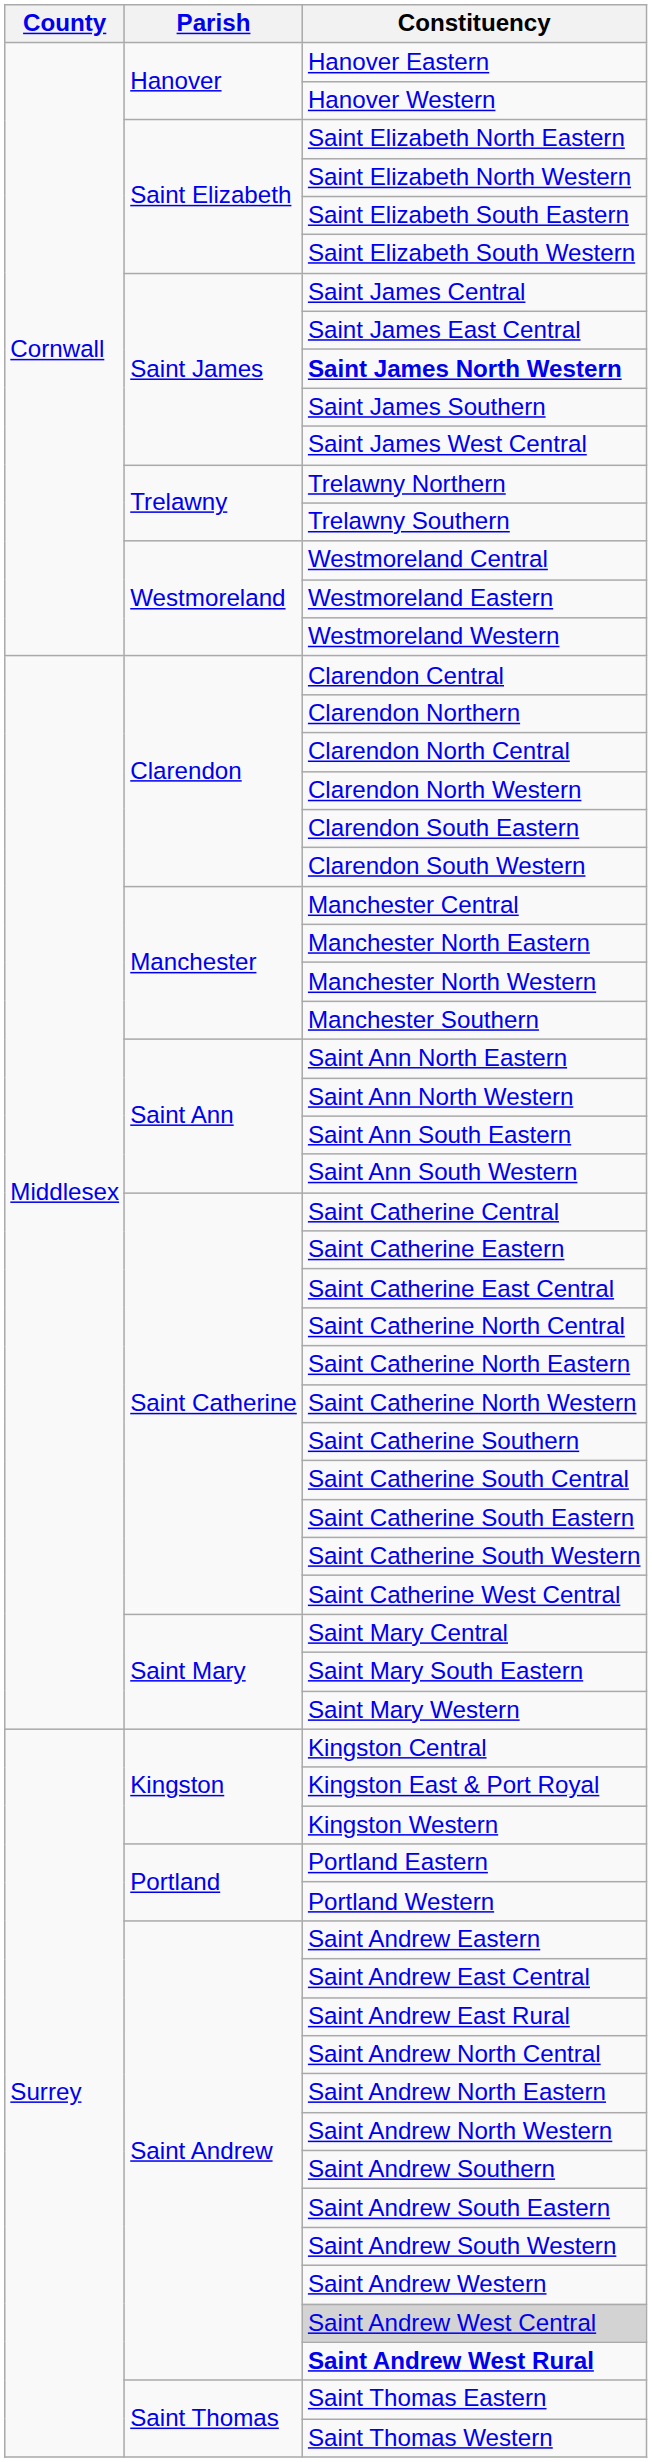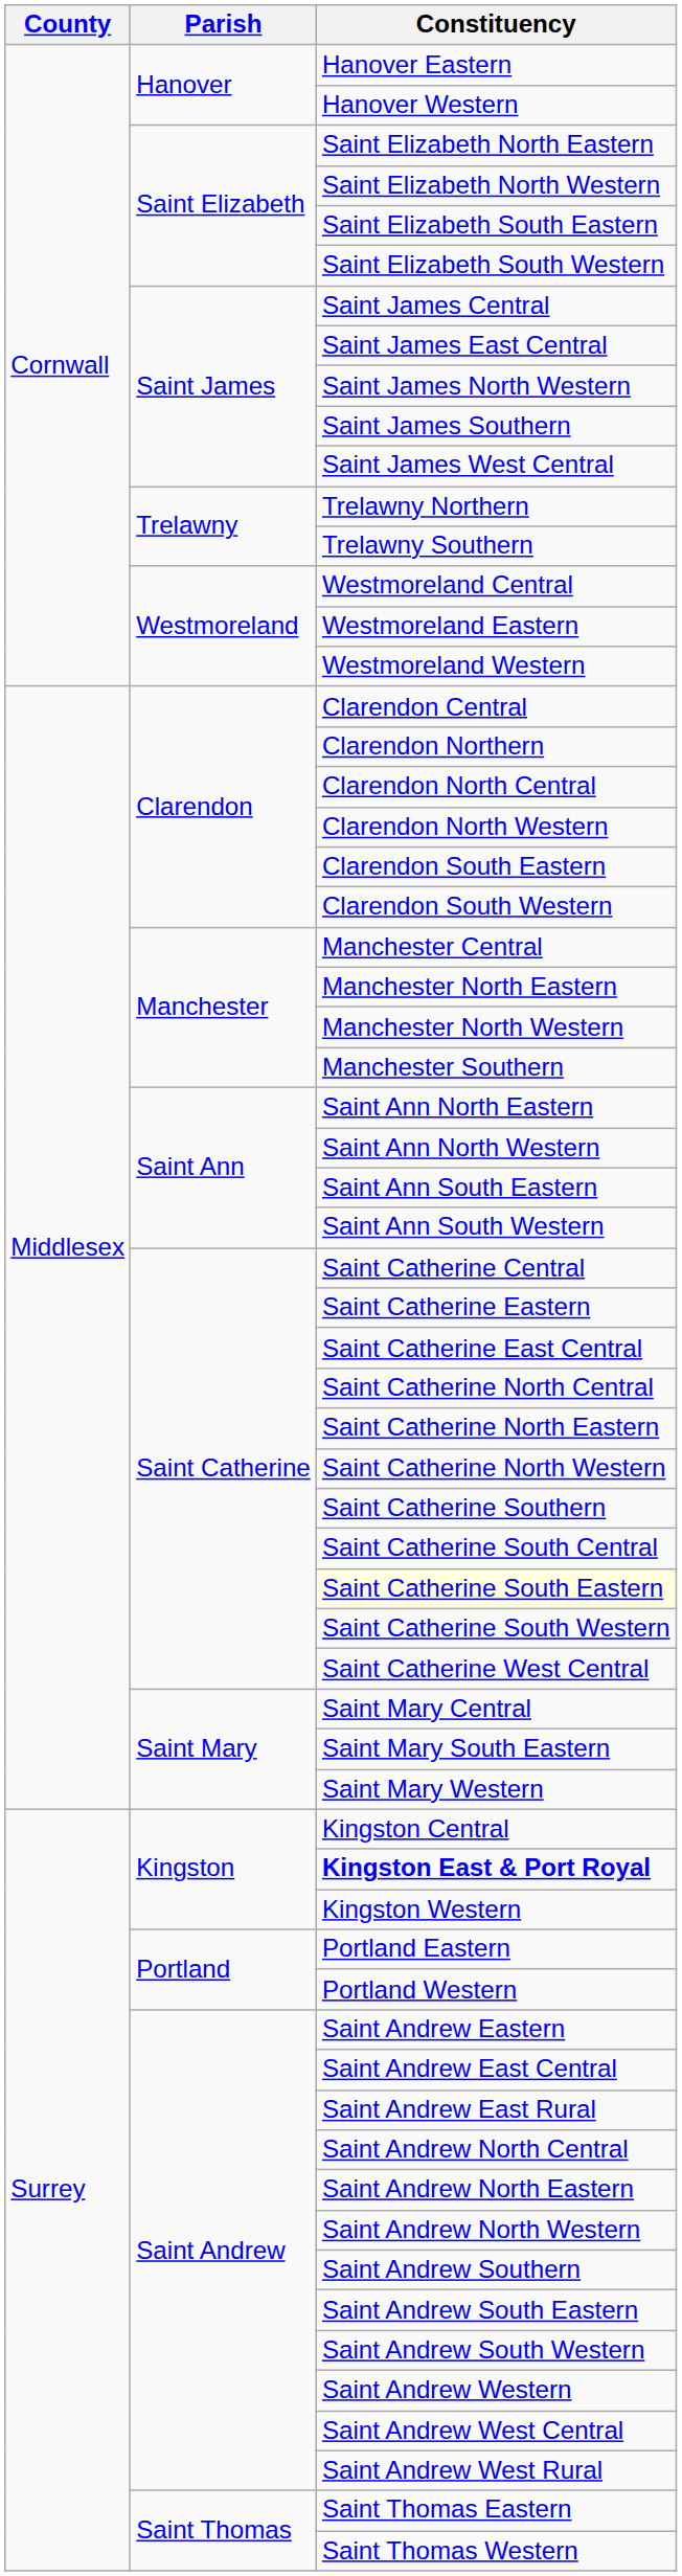 <table class="wikitable sortable">
 <tr>
 <th><a href='#'>County</a></th>
 <th><a href='#'>Parish</a></th>
 <th>Constituency</th>
 </tr>
 <tr>
 <td rowspan=16><a href='#'>Cornwall</a></td>
 <td rowspan="2"><a href='#'>Hanover</a></td>
 <td><a href='#'>Hanover Eastern</a></td>
 </tr>
 <tr>
 <td><a href='#'>Hanover Western</a></td>
 </tr>
 <tr>
 <td rowspan="4"><a href='#'>Saint Elizabeth</a></td>
 <td><a href='#'>Saint Elizabeth North Eastern</a></td>
 </tr>
 <tr>
 <td><a href='#'>Saint Elizabeth North Western</a></td>
 </tr>
 <tr>
 <td><a href='#'>Saint Elizabeth South Eastern</a></td>
 </tr>
 <tr>
 <td><a href='#'>Saint Elizabeth South Western</a></td>
 </tr>
 <tr>
 <td rowspan="5"><a href='#'>Saint James</a></td>
 <td><a href='#'>Saint James Central</a></td>
 </tr>
 <tr>
 <td><a href='#'>Saint James East Central</a></td>
 </tr>
 <tr>
-<td><strong><a href='#'>Saint James North Western</a></strong></td>
+<td><a href='#'>Saint James North Western</a></td>
 </tr>
 <tr>
 <td><a href='#'>Saint James Southern</a></td>
 </tr>
 <tr>
 <td><a href='#'>Saint James West Central</a></td>
 </tr>
 <tr>
 <td rowspan="2"><a href='#'>Trelawny</a></td>
 <td><a href='#'>Trelawny Northern</a></td>
 </tr>
 <tr>
 <td><a href='#'>Trelawny Southern</a></td>
 </tr>
 <tr>
 <td rowspan="3"><a href='#'>Westmoreland</a></td>
 <td><a href='#'>Westmoreland Central</a></td>
 </tr>
 <tr>
 <td><a href='#'>Westmoreland Eastern</a></td>
 </tr>
 <tr>
 <td><a href='#'>Westmoreland Western</a></td>
 </tr>
 <tr>
 <td rowspan=28><a href='#'>Middlesex</a></td>
 <td rowspan="6"><a href='#'>Clarendon</a></td>
 <td><a href='#'>Clarendon Central</a></td>
 </tr>
 <tr>
 <td><a href='#'>Clarendon Northern</a></td>
 </tr>
 <tr>
 <td><a href='#'>Clarendon North Central</a></td>
 </tr>
 <tr>
 <td><a href='#'>Clarendon North Western</a></td>
 </tr>
 <tr>
 <td><a href='#'>Clarendon South Eastern</a></td>
 </tr>
 <tr>
 <td><a href='#'>Clarendon South Western</a></td>
 </tr>
 <tr>
 <td rowspan="4"><a href='#'>Manchester</a></td>
 <td><a href='#'>Manchester Central</a></td>
 </tr>
 <tr>
 <td><a href='#'>Manchester North Eastern</a></td>
 </tr>
 <tr>
 <td><a href='#'>Manchester North Western</a></td>
 </tr>
 <tr>
 <td><a href='#'>Manchester Southern</a></td>
 </tr>
 <tr>
 <td rowspan="4"><a href='#'>Saint Ann</a></td>
 <td><a href='#'>Saint Ann North Eastern</a></td>
 </tr>
 <tr>
 <td><a href='#'>Saint Ann North Western</a></td>
 </tr>
 <tr>
 <td><a href='#'>Saint Ann South Eastern</a></td>
 </tr>
 <tr>
 <td><a href='#'>Saint Ann South Western</a></td>
 </tr>
 <tr>
 <td rowspan="11"><a href='#'>Saint Catherine</a></td>
 <td><a href='#'>Saint Catherine Central</a></td>
 </tr>
 <tr>
 <td><a href='#'>Saint Catherine Eastern</a></td>
 </tr>
 <tr>
 <td><a href='#'>Saint Catherine East Central</a></td>
 </tr>
 <tr>
 <td><a href='#'>Saint Catherine North Central</a></td>
 </tr>
 <tr>
 <td><a href='#'>Saint Catherine North Eastern</a></td>
 </tr>
 <tr>
 <td><a href='#'>Saint Catherine North Western</a></td>
 </tr>
 <tr>
 <td><a href='#'>Saint Catherine Southern</a></td>
 </tr>
 <tr>
 <td><a href='#'>Saint Catherine South Central</a></td>
 </tr>
 <tr>
-<td><a href='#'>Saint Catherine South Eastern</a></td>
+<td style="background: lightyellow;"><a href='#'>Saint Catherine South Eastern</a></td>
 </tr>
 <tr>
 <td><a href='#'>Saint Catherine South Western</a></td>
 </tr>
 <tr>
 <td><a href='#'>Saint Catherine West Central</a></td>
 </tr>
 <tr>
 <td rowspan="3"><a href='#'>Saint Mary</a></td>
 <td><a href='#'>Saint Mary Central</a></td>
 </tr>
 <tr>
 <td><a href='#'>Saint Mary South Eastern</a></td>
 </tr>
 <tr>
 <td><a href='#'>Saint Mary Western</a></td>
 </tr>
 <tr>
 <td rowspan=19><a href='#'>Surrey</a></td>
 <td rowspan="3"><a href='#'>Kingston</a></td>
 <td><a href='#'>Kingston Central</a></td>
 </tr>
 <tr>
-<td><a href='#'>Kingston East & Port Royal</a></td>
+<td><strong><a href='#'>Kingston East & Port Royal</a></strong></td>
 </tr>
 <tr>
 <td><a href='#'>Kingston Western</a></td>
 </tr>
 <tr>
 <td rowspan="2"><a href='#'>Portland</a></td>
 <td><a href='#'>Portland Eastern</a></td>
 </tr>
 <tr>
 <td><a href='#'>Portland Western</a></td>
 </tr>
 <tr>
 <td rowspan="12"><a href='#'>Saint Andrew</a></td>
 <td><a href='#'>Saint Andrew Eastern</a></td>
 </tr>
 <tr>
 <td><a href='#'>Saint Andrew East Central</a></td>
 </tr>
 <tr>
 <td><a href='#'>Saint Andrew East Rural</a></td>
 </tr>
 <tr>
 <td><a href='#'>Saint Andrew North Central</a></td>
 </tr>
 <tr>
 <td><a href='#'>Saint Andrew North Eastern</a></td>
 </tr>
 <tr>
 <td><a href='#'>Saint Andrew North Western</a></td>
 </tr>
 <tr>
 <td><a href='#'>Saint Andrew Southern</a></td>
 </tr>
 <tr>
 <td><a href='#'>Saint Andrew South Eastern</a></td>
 </tr>
 <tr>
 <td><a href='#'>Saint Andrew South Western</a></td>
 </tr>
 <tr>
 <td><a href='#'>Saint Andrew Western</a></td>
 </tr>
 <tr>
-<td style="background: lightgrey;"><a href='#'>Saint Andrew West Central</a></td>
+<td><a href='#'>Saint Andrew West Central</a></td>
 </tr>
 <tr>
-<td><strong><a href='#'>Saint Andrew West Rural</a></strong></td>
+<td><a href='#'>Saint Andrew West Rural</a></td>
 </tr>
 <tr>
 <td rowspan="2"><a href='#'>Saint Thomas</a></td>
 <td><a href='#'>Saint Thomas Eastern</a></td>
 </tr>
 <tr>
 <td><a href='#'>Saint Thomas Western</a></td>
 </tr>
 </table>
